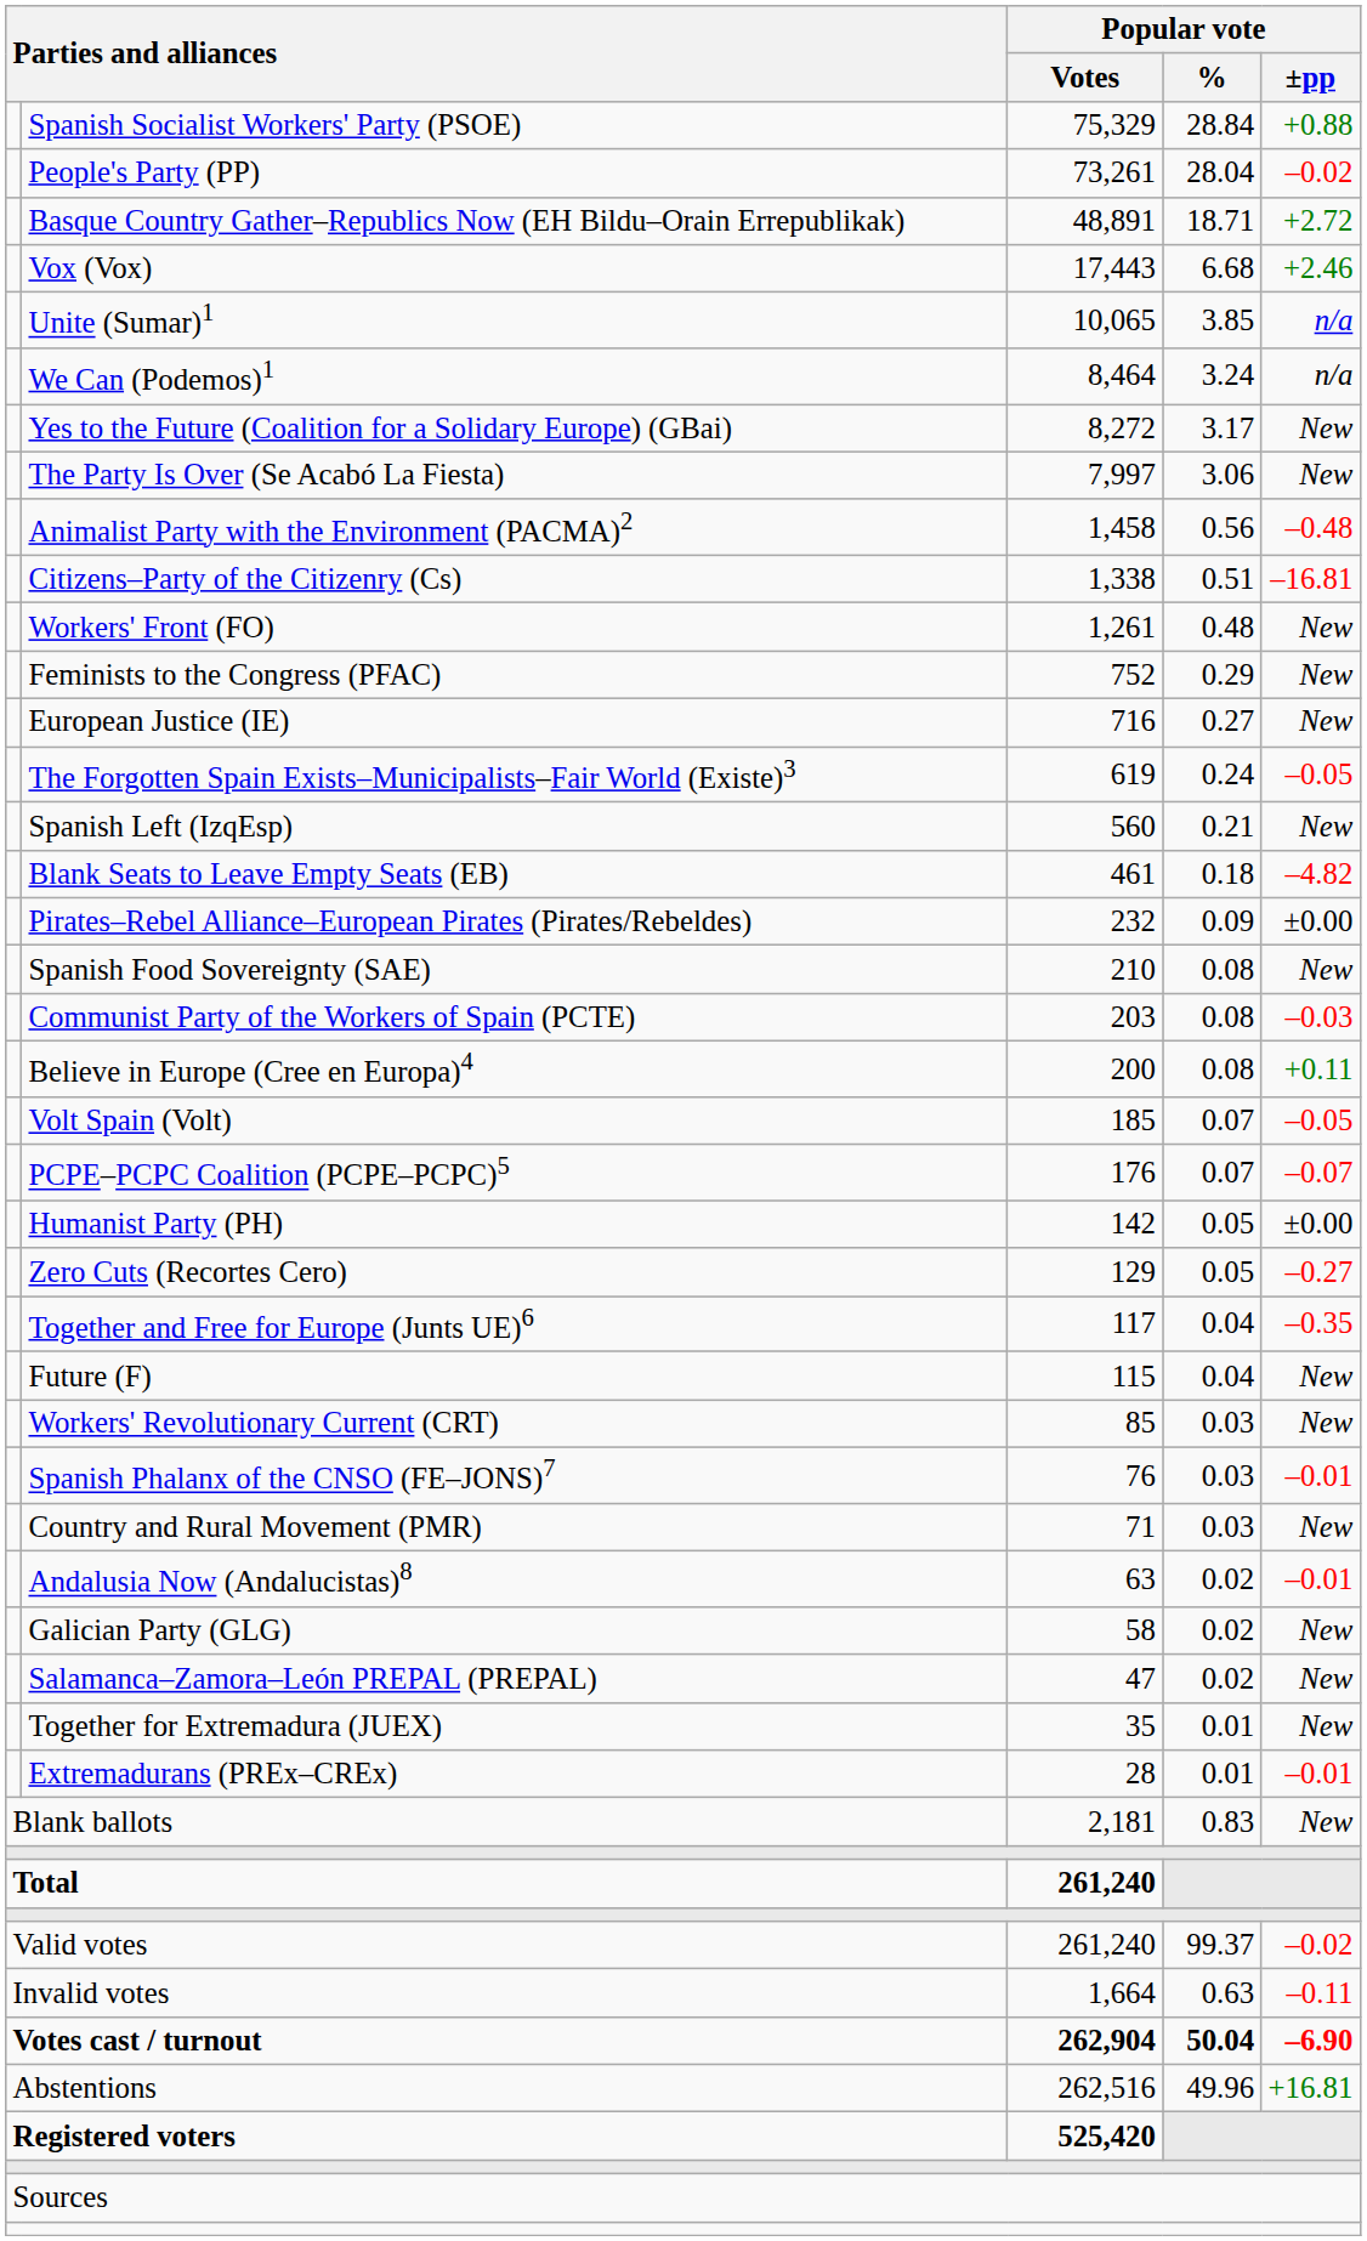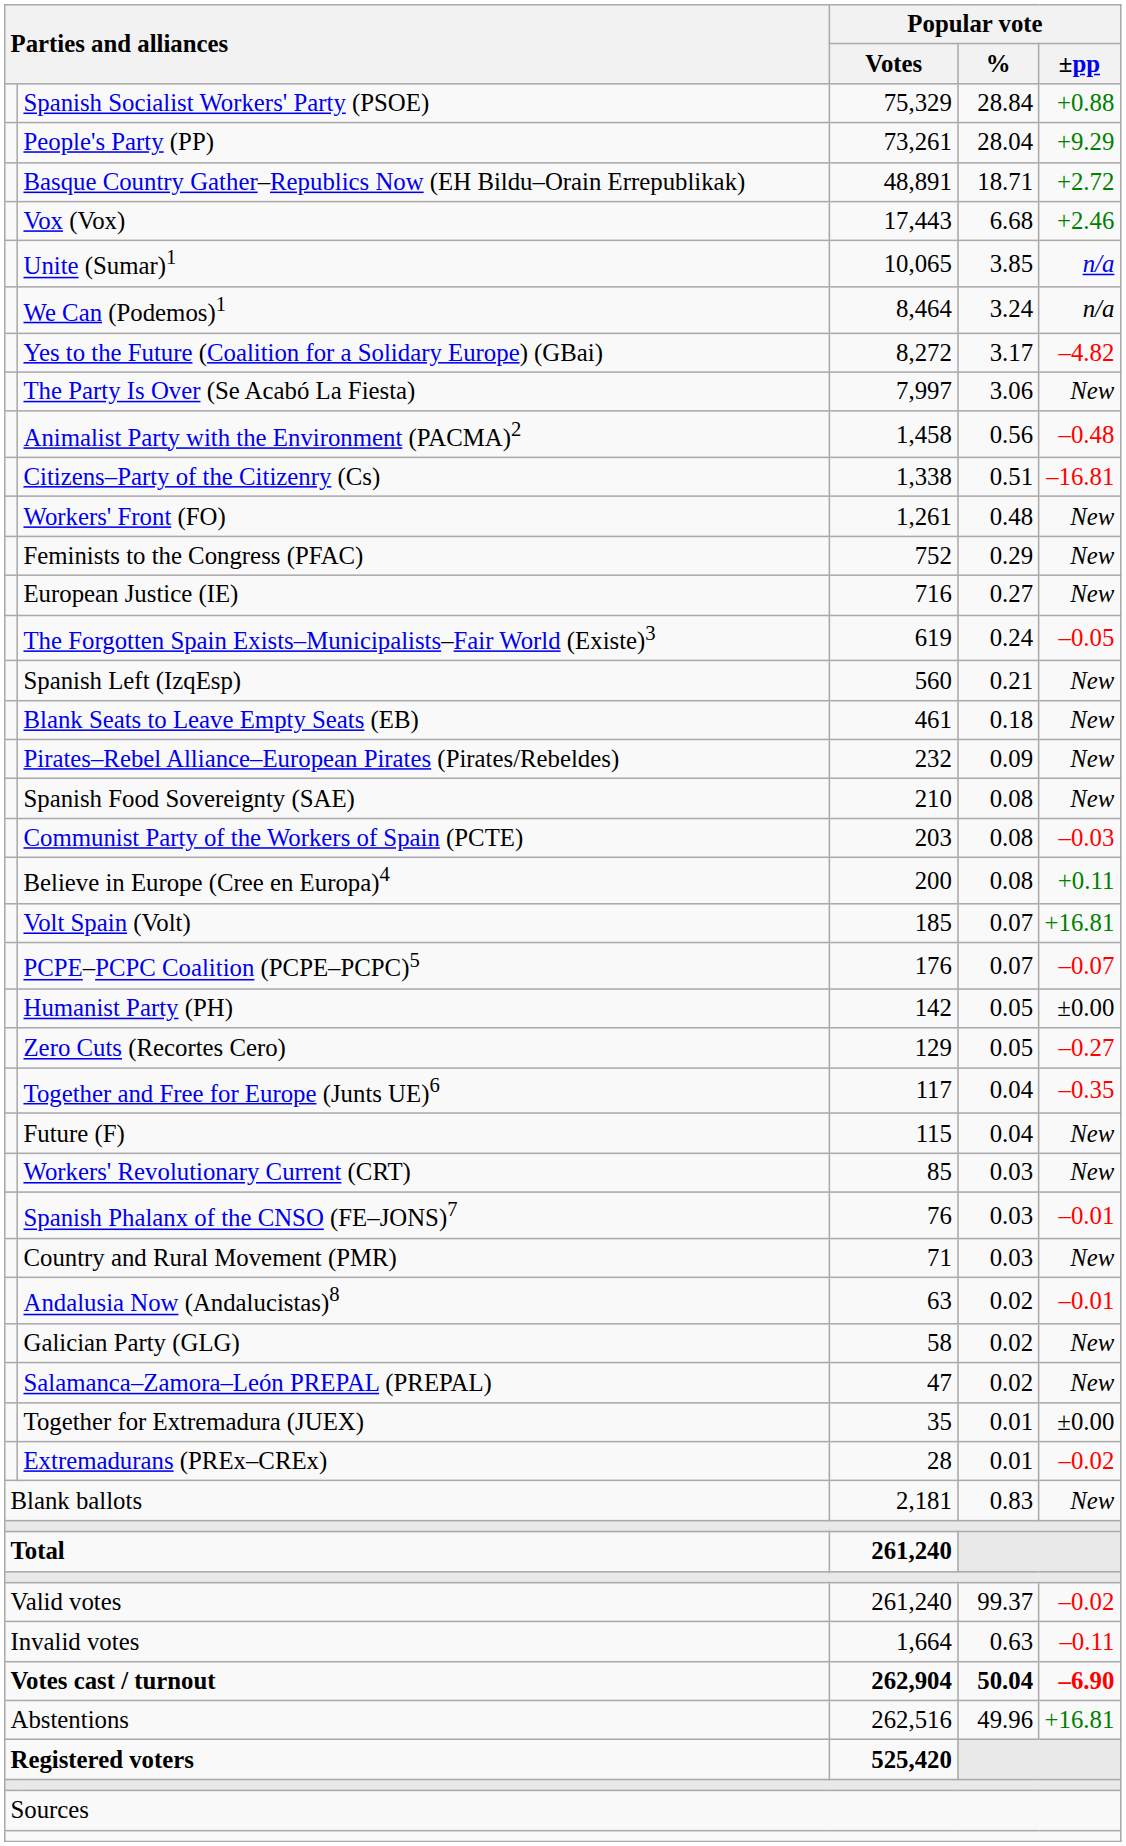 <table class="wikitable" style="text-align:right;">
 <tr>
 <th style="text-align:left;" rowspan="2" colspan="2" width="525">Parties and alliances</th>
 <th colspan="3">Popular vote</th>
 </tr>
 <tr bgcolor="#E9E9E9" align="center">
 <th width="75">Votes</th>
 <th width="45">%</th>
 <th width="45">±<a href='#'>pp</a></th>
 </tr>
 <tr>
 <td width="1" style="color:inherit;background:"></td>
 <td align="left"><a href='#'>Spanish Socialist Workers' Party</a> (PSOE)</td>
 <td>75,329</td>
 <td>28.84</td>
 <td style="color:green;">+0.88</td>
 </tr>
 <tr>
 <td style="color:inherit;background:"></td>
 <td align="left"><a href='#'>People's Party</a> (PP)</td>
 <td>73,261</td>
 <td>28.04</td>
-<td style="color:red;">–0.02</td>
+<td style="color:green;">+9.29</td>
 </tr>
 <tr>
 <td style="color:inherit;background:"></td>
 <td align="left"><a href='#'>Basque Country Gather</a>–<a href='#'>Republics Now</a> (EH Bildu–Orain Errepublikak)</td>
 <td>48,891</td>
 <td>18.71</td>
 <td style="color:green;">+2.72</td>
 </tr>
 <tr>
 <td style="color:inherit;background:"></td>
 <td align="left"><a href='#'>Vox</a> (Vox)</td>
 <td>17,443</td>
 <td>6.68</td>
 <td style="color:green;">+2.46</td>
 </tr>
 <tr>
 <td style="color:inherit;background:"></td>
 <td align="left"><a href='#'>Unite</a> (Sumar)<sup>1</sup></td>
 <td>10,065</td>
 <td>3.85</td>
 <td><em><a href='#'>n/a</a></em></td>
 </tr>
 <tr>
 <td style="color:inherit;background:"></td>
 <td align="left"><a href='#'>We Can</a> (Podemos)<sup>1</sup></td>
 <td>8,464</td>
 <td>3.24</td>
 <td><em>n/a</em></td>
 </tr>
 <tr>
 <td style="color:inherit;background:"></td>
 <td align="left"><a href='#'>Yes to the Future</a> (<a href='#'>Coalition for a Solidary Europe</a>) (GBai)</td>
 <td>8,272</td>
 <td>3.17</td>
-<td><em>New</em></td>
+<td style="color:red;">–4.82</td>
 </tr>
 <tr>
 <td style="color:inherit;background:"></td>
 <td align="left"><a href='#'>The Party Is Over</a> (Se Acabó La Fiesta)</td>
 <td>7,997</td>
 <td>3.06</td>
 <td><em>New</em></td>
 </tr>
 <tr>
 <td style="color:inherit;background:"></td>
 <td align="left"><a href='#'>Animalist Party with the Environment</a> (PACMA)<sup>2</sup></td>
 <td>1,458</td>
 <td>0.56</td>
 <td style="color:red;">–0.48</td>
 </tr>
 <tr>
 <td style="color:inherit;background:"></td>
 <td align="left"><a href='#'>Citizens–Party of the Citizenry</a> (Cs)</td>
 <td>1,338</td>
 <td>0.51</td>
 <td style="color:red;">–16.81</td>
 </tr>
 <tr>
 <td style="color:inherit;background:"></td>
 <td align="left"><a href='#'>Workers' Front</a> (FO)</td>
 <td>1,261</td>
 <td>0.48</td>
 <td><em>New</em></td>
 </tr>
 <tr>
 <td style="color:inherit;background:"></td>
 <td align="left">Feminists to the Congress (PFAC)</td>
 <td>752</td>
 <td>0.29</td>
 <td><em>New</em></td>
 </tr>
 <tr>
 <td style="color:inherit;background:"></td>
 <td align="left">European Justice (IE)</td>
 <td>716</td>
 <td>0.27</td>
 <td><em>New</em></td>
 </tr>
 <tr>
 <td style="color:inherit;background:"></td>
 <td align="left"><a href='#'>The Forgotten Spain Exists–Municipalists</a>–<a href='#'>Fair World</a> (Existe)<sup>3</sup></td>
 <td>619</td>
 <td>0.24</td>
 <td style="color:red;">–0.05</td>
 </tr>
 <tr>
 <td style="color:inherit;background:"></td>
 <td align="left">Spanish Left (IzqEsp)</td>
 <td>560</td>
 <td>0.21</td>
 <td><em>New</em></td>
 </tr>
 <tr>
 <td style="color:inherit;background:"></td>
 <td align="left"><a href='#'>Blank Seats to Leave Empty Seats</a> (EB)</td>
 <td>461</td>
 <td>0.18</td>
-<td style="color:red;">–4.82</td>
+<td><em>New</em></td>
 </tr>
 <tr>
 <td style="color:inherit;background:"></td>
 <td align="left"><a href='#'>Pirates–Rebel Alliance–European Pirates</a> (Pirates/Rebeldes)</td>
 <td>232</td>
 <td>0.09</td>
-<td>±0.00</td>
+<td><em>New</em></td>
 </tr>
 <tr>
 <td style="color:inherit;background:"></td>
 <td align="left">Spanish Food Sovereignty (SAE)</td>
 <td>210</td>
 <td>0.08</td>
 <td><em>New</em></td>
 </tr>
 <tr>
 <td style="color:inherit;background:"></td>
 <td align="left"><a href='#'>Communist Party of the Workers of Spain</a> (PCTE)</td>
 <td>203</td>
 <td>0.08</td>
 <td style="color:red;">–0.03</td>
 </tr>
 <tr>
 <td style="color:inherit;background:"></td>
 <td align="left">Believe in Europe (Cree en Europa)<sup>4</sup></td>
 <td>200</td>
 <td>0.08</td>
 <td style="color:green;">+0.11</td>
 </tr>
 <tr>
 <td style="color:inherit;background:"></td>
 <td align="left"><a href='#'>Volt Spain</a> (Volt)</td>
 <td>185</td>
 <td>0.07</td>
-<td style="color:red;">–0.05</td>
+<td style="color:green;">+16.81</td>
 </tr>
 <tr>
 <td style="color:inherit;background:"></td>
 <td align="left"><a href='#'>PCPE</a>–<a href='#'>PCPC Coalition</a> (PCPE–PCPC)<sup>5</sup></td>
 <td>176</td>
 <td>0.07</td>
 <td style="color:red;">–0.07</td>
 </tr>
 <tr>
 <td style="color:inherit;background:"></td>
 <td align="left"><a href='#'>Humanist Party</a> (PH)</td>
 <td>142</td>
 <td>0.05</td>
 <td>±0.00</td>
 </tr>
 <tr>
 <td style="color:inherit;background:"></td>
 <td align="left"><a href='#'>Zero Cuts</a> (Recortes Cero)</td>
 <td>129</td>
 <td>0.05</td>
 <td style="color:red;">–0.27</td>
 </tr>
 <tr>
 <td style="color:inherit;background:"></td>
 <td align="left"><a href='#'>Together and Free for Europe</a> (Junts UE)<sup>6</sup></td>
 <td>117</td>
 <td>0.04</td>
 <td style="color:red;">–0.35</td>
 </tr>
 <tr>
 <td style="color:inherit;background:"></td>
 <td align="left">Future (F)</td>
 <td>115</td>
 <td>0.04</td>
 <td><em>New</em></td>
 </tr>
 <tr>
 <td style="color:inherit;background:"></td>
 <td align="left"><a href='#'>Workers' Revolutionary Current</a> (CRT)</td>
 <td>85</td>
 <td>0.03</td>
 <td><em>New</em></td>
 </tr>
 <tr>
 <td style="color:inherit;background:"></td>
 <td align="left"><a href='#'>Spanish Phalanx of the CNSO</a> (FE–JONS)<sup>7</sup></td>
 <td>76</td>
 <td>0.03</td>
 <td style="color:red;">–0.01</td>
 </tr>
 <tr>
 <td style="color:inherit;background:"></td>
 <td align="left">Country and Rural Movement (PMR)</td>
 <td>71</td>
 <td>0.03</td>
 <td><em>New</em></td>
 </tr>
 <tr>
 <td style="color:inherit;background:"></td>
 <td align="left"><a href='#'>Andalusia Now</a> (Andalucistas)<sup>8</sup></td>
 <td>63</td>
 <td>0.02</td>
 <td style="color:red;">–0.01</td>
 </tr>
 <tr>
 <td style="color:inherit;background:"></td>
 <td align="left">Galician Party (GLG)</td>
 <td>58</td>
 <td>0.02</td>
 <td><em>New</em></td>
 </tr>
 <tr>
 <td style="color:inherit;background:"></td>
 <td align="left"><a href='#'>Salamanca–Zamora–León PREPAL</a> (PREPAL)</td>
 <td>47</td>
 <td>0.02</td>
 <td><em>New</em></td>
 </tr>
 <tr>
 <td style="color:inherit;background:"></td>
 <td align="left">Together for Extremadura (JUEX)</td>
 <td>35</td>
 <td>0.01</td>
-<td><em>New</em></td>
+<td>±0.00</td>
 </tr>
 <tr>
 <td style="color:inherit;background:"></td>
 <td align="left"><a href='#'>Extremadurans</a> (PREx–CREx)</td>
 <td>28</td>
 <td>0.01</td>
-<td style="color:red;">–0.01</td>
+<td style="color:red;">–0.02</td>
 </tr>
 <tr>
 <td align="left" colspan="2">Blank ballots</td>
 <td>2,181</td>
 <td>0.83</td>
 <td><em>New</em></td>
 </tr>
 <tr>
 <td colspan="5" bgcolor="#E9E9E9"></td>
 </tr>
 <tr style="font-weight:bold;">
 <td align="left" colspan="2">Total</td>
 <td>261,240</td>
 <td bgcolor="#E9E9E9" colspan="2"></td>
 </tr>
 <tr>
 <td colspan="5" bgcolor="#E9E9E9"></td>
 </tr>
 <tr>
 <td align="left" colspan="2">Valid votes</td>
 <td>261,240</td>
 <td>99.37</td>
 <td style="color:red;">–0.02</td>
 </tr>
 <tr>
 <td align="left" colspan="2">Invalid votes</td>
 <td>1,664</td>
 <td>0.63</td>
 <td style="color:red;">–0.11</td>
 </tr>
 <tr style="font-weight:bold;">
 <td align="left" colspan="2">Votes cast / turnout</td>
 <td>262,904</td>
 <td>50.04</td>
 <td style="color:red;">–6.90</td>
 </tr>
 <tr>
 <td align="left" colspan="2">Abstentions</td>
 <td>262,516</td>
 <td>49.96</td>
 <td style="color:green;">+16.81</td>
 </tr>
 <tr style="font-weight:bold;">
 <td align="left" colspan="2">Registered voters</td>
 <td>525,420</td>
 <td bgcolor="#E9E9E9" colspan="2"></td>
 </tr>
 <tr>
 <td colspan="5" bgcolor="#E9E9E9"></td>
 </tr>
 <tr>
 <td align="left" colspan="5">Sources</td>
 </tr>
 <tr>
 <td colspan="5" style="text-align:left; max-width:790px;"></td>
 </tr>
 </table>
